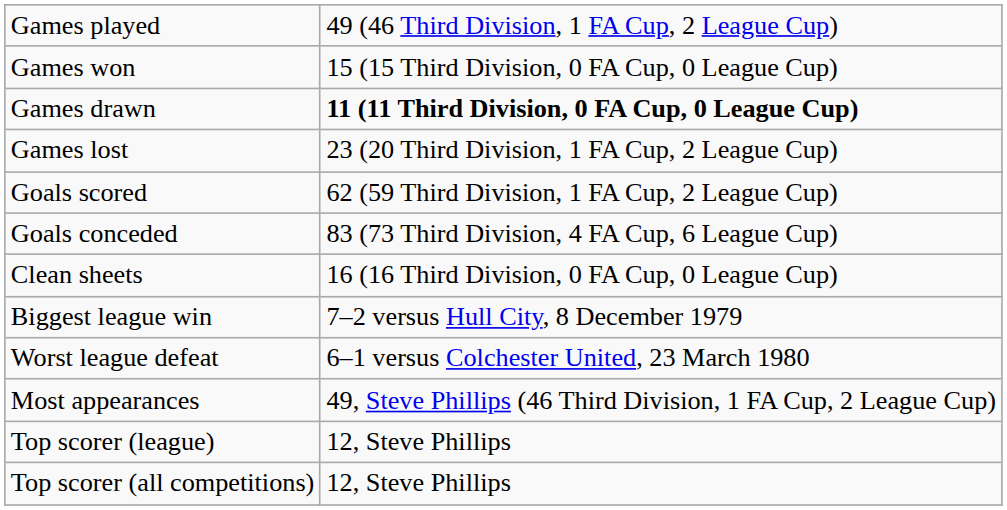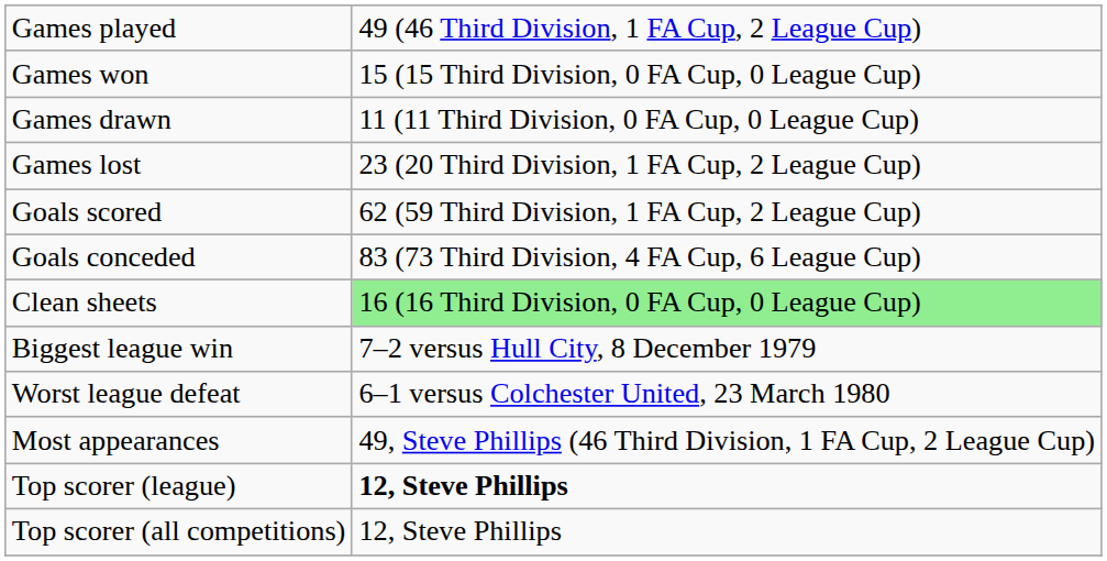 <table class="wikitable">
 <tr>
 <td>Games played</td>
 <td>49 (46 <a href='#'>Third Division</a>, 1 <a href='#'>FA Cup</a>, 2 <a href='#'>League Cup</a>)</td>
 </tr>
 <tr>
 <td>Games won</td>
 <td>15 (15 Third Division, 0 FA Cup, 0 League Cup)</td>
 </tr>
 <tr>
 <td>Games drawn</td>
-<td><strong>11 (11 Third Division, 0 FA Cup, 0 League Cup)</strong></td>
+<td>11 (11 Third Division, 0 FA Cup, 0 League Cup)</td>
 </tr>
 <tr>
 <td>Games lost</td>
 <td>23 (20 Third Division, 1 FA Cup, 2 League Cup)</td>
 </tr>
 <tr>
 <td>Goals scored</td>
 <td>62 (59 Third Division, 1 FA Cup, 2 League Cup)</td>
 </tr>
 <tr>
 <td>Goals conceded</td>
 <td>83 (73 Third Division, 4 FA Cup, 6 League Cup)</td>
 </tr>
 <tr>
 <td>Clean sheets</td>
-<td>16 (16 Third Division, 0 FA Cup, 0 League Cup)</td>
+<td style="background: lightgreen;">16 (16 Third Division, 0 FA Cup, 0 League Cup)</td>
 </tr>
 <tr>
 <td>Biggest league win</td>
 <td>7–2 versus <a href='#'>Hull City</a>, 8 December 1979</td>
 </tr>
 <tr>
 <td>Worst league defeat</td>
 <td>6–1 versus <a href='#'>Colchester United</a>, 23 March 1980</td>
 </tr>
 <tr>
 <td>Most appearances</td>
 <td>49, <a href='#'>Steve Phillips</a> (46 Third Division, 1 FA Cup, 2 League Cup)</td>
 </tr>
 <tr>
 <td>Top scorer (league)</td>
-<td>12, Steve Phillips</td>
+<td><strong>12, Steve Phillips</strong></td>
 </tr>
 <tr>
 <td>Top scorer (all competitions)</td>
 <td>12, Steve Phillips</td>
 </tr>
 </table>
